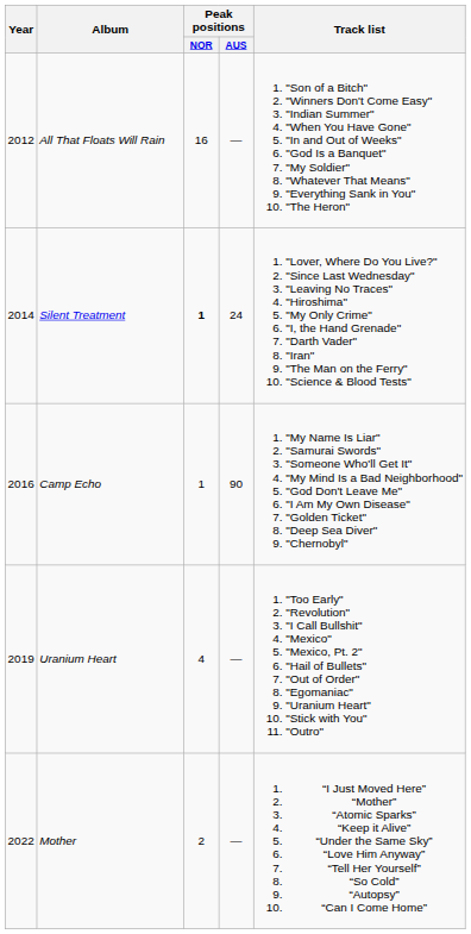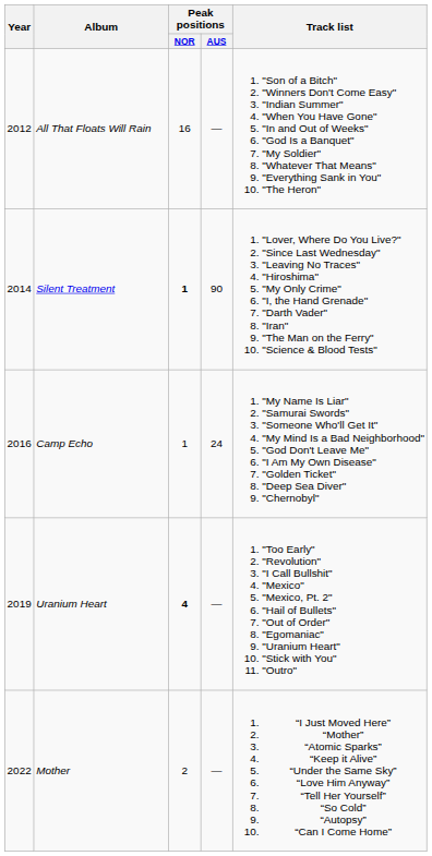 <table class="wikitable plainrowheaders" style="text-align:center;">
 <tr>
 <th scope="col" rowspan="2">Year</th>
 <th scope="col" rowspan="2" style="width:12em;">Album</th>
 <th scope="col" colspan="2">Peak positions</th>
 <th scope="col" rowspan="2">Track list</th>
 </tr>
 <tr>
 <th scope="col" style="width:3em;font-size:85%;"><a href='#'>NOR</a><br></th>
 <th scope="col" style="width:3em;font-size:85%;"><a href='#'>AUS</a><br></th>
 </tr>
 <tr>
 <td>2012</td>
 <td style="text-align:left;"><em>All That Floats Will Rain</em></td>
 <td>16</td>
 <td>—</td>
 <td style="text-align:left;"><br><ol><li>"Son of a Bitch"</li><li>"Winners Don't Come Easy"</li><li>"Indian Summer"</li><li>"When You Have Gone"</li><li>"In and Out of Weeks"</li><li>"God Is a Banquet"</li><li>"My Soldier"</li><li>"Whatever That Means"</li><li>"Everything Sank in You"</li><li>"The Heron"</li></ol></td>
 </tr>
 <tr>
 <td>2014</td>
 <td style="text-align:left;"><em><a href='#'>Silent Treatment</a></em></td>
 <td><strong>1</strong></td>
-<td>24</td>
+<td>90</td>
 <td style="text-align:left;"><br><ol><li>"Lover, Where Do You Live?"</li><li>"Since Last Wednesday"</li><li>"Leaving No Traces"</li><li>"Hiroshima"</li><li>"My Only Crime"</li><li>"I, the Hand Grenade"</li><li>"Darth Vader"</li><li>"Iran"</li><li>"The Man on the Ferry"</li><li>"Science & Blood Tests"</li></ol></td>
 </tr>
 <tr>
 <td>2016</td>
 <td style="text-align:left;"><em>Camp Echo</em></td>
 <td>1</td>
-<td>90</td>
+<td>24</td>
 <td style="text-align:left;"><br><ol><li>"My Name Is Liar"</li><li>"Samurai Swords"</li><li>"Someone Who'll Get It"</li><li>"My Mind Is a Bad Neighborhood"</li><li>"God Don't Leave Me"</li><li>"I Am My Own Disease"</li><li>"Golden Ticket"</li><li>"Deep Sea Diver"</li><li>"Chernobyl"</li></ol></td>
 </tr>
 <tr>
 <td>2019</td>
 <td style="text-align:left;"><em>Uranium Heart</em></td>
-<td>4<br></td>
+<td><strong>4<br></strong></td>
 <td>—</td>
 <td style="text-align:left;"><br><ol><li>"Too Early"</li><li>"Revolution"</li><li>"I Call Bullshit"</li><li>"Mexico"</li><li>"Mexico, Pt. 2"</li><li>"Hail of Bullets"</li><li>"Out of Order"</li><li>"Egomaniac"</li><li>"Uranium Heart"</li><li>"Stick with You"</li><li>"Outro"</li></ol></td>
 </tr>
 <tr>
 <td>2022</td>
 <td style="text-align:left;"><em>Mother</em></td>
 <td>2<br></td>
 <td>—</td>
 <td><br><ol><li>“I Just Moved Here”</li><li>“Mother”</li><li>“Atomic Sparks”</li><li>“Keep it Alive”</li><li>“Under the Same Sky”</li><li>“Love Him Anyway”</li><li>“Tell Her Yourself”</li><li>“So Cold”</li><li>“Autopsy”</li><li>“Can I Come Home”</li></ol></td>
 </tr>
 </table>
